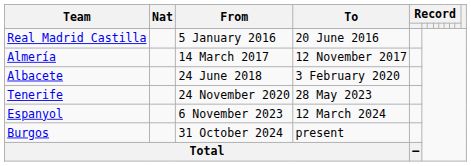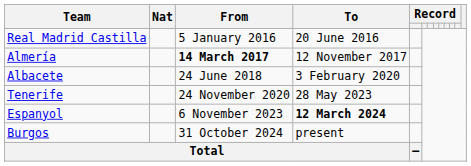 <table class="wikitable" style="text-align: center">
 <tr>
 <th rowspan="2">Team</th>
 <th rowspan="2">Nat</th>
 <th rowspan="2">From</th>
 <th rowspan="2">To</th>
 <th colspan="8">Record</th>
 <th rowspan=2></th>
 </tr>
 <tr>
 <th></th>
 <th></th>
 <th></th>
 <th></th>
 <th></th>
 <th></th>
 <th></th>
 <th></th>
 </tr>
 <tr>
 <td align=left><a href='#'>Real Madrid Castilla</a></td>
 <td></td>
 <td align=left>5 January 2016</td>
 <td align=left>20 June 2016<br></td>
 <td></td>
 </tr>
 <tr>
 <td align=left><a href='#'>Almería</a></td>
 <td></td>
-<td align=left>14 March 2017</td>
+<td align=left><strong>14 March 2017</strong></td>
 <td align=left>12 November 2017<br></td>
 <td></td>
 </tr>
 <tr>
 <td align=left><a href='#'>Albacete</a></td>
 <td></td>
 <td align=left>24 June 2018</td>
 <td align=left>3 February 2020<br></td>
 <td></td>
 </tr>
 <tr>
 <td align=left><a href='#'>Tenerife</a></td>
 <td></td>
 <td align=left>24 November 2020</td>
 <td align=left>28 May 2023<br></td>
 <td></td>
 </tr>
 <tr>
 <td align=left><a href='#'>Espanyol</a></td>
 <td></td>
 <td align=left>6 November 2023</td>
-<td align=left>12 March 2024<br></td>
+<td align=left><strong>12 March 2024<br></strong></td>
 <td></td>
 </tr>
 <tr>
 <td align=left><a href='#'>Burgos</a></td>
 <td></td>
 <td align=left>31 October 2024</td>
 <td align=left>present<br></td>
 <td></td>
 </tr>
 <tr>
 <th colspan="4">Total<br></th>
 <th>—</th>
 </tr>
 </table>
